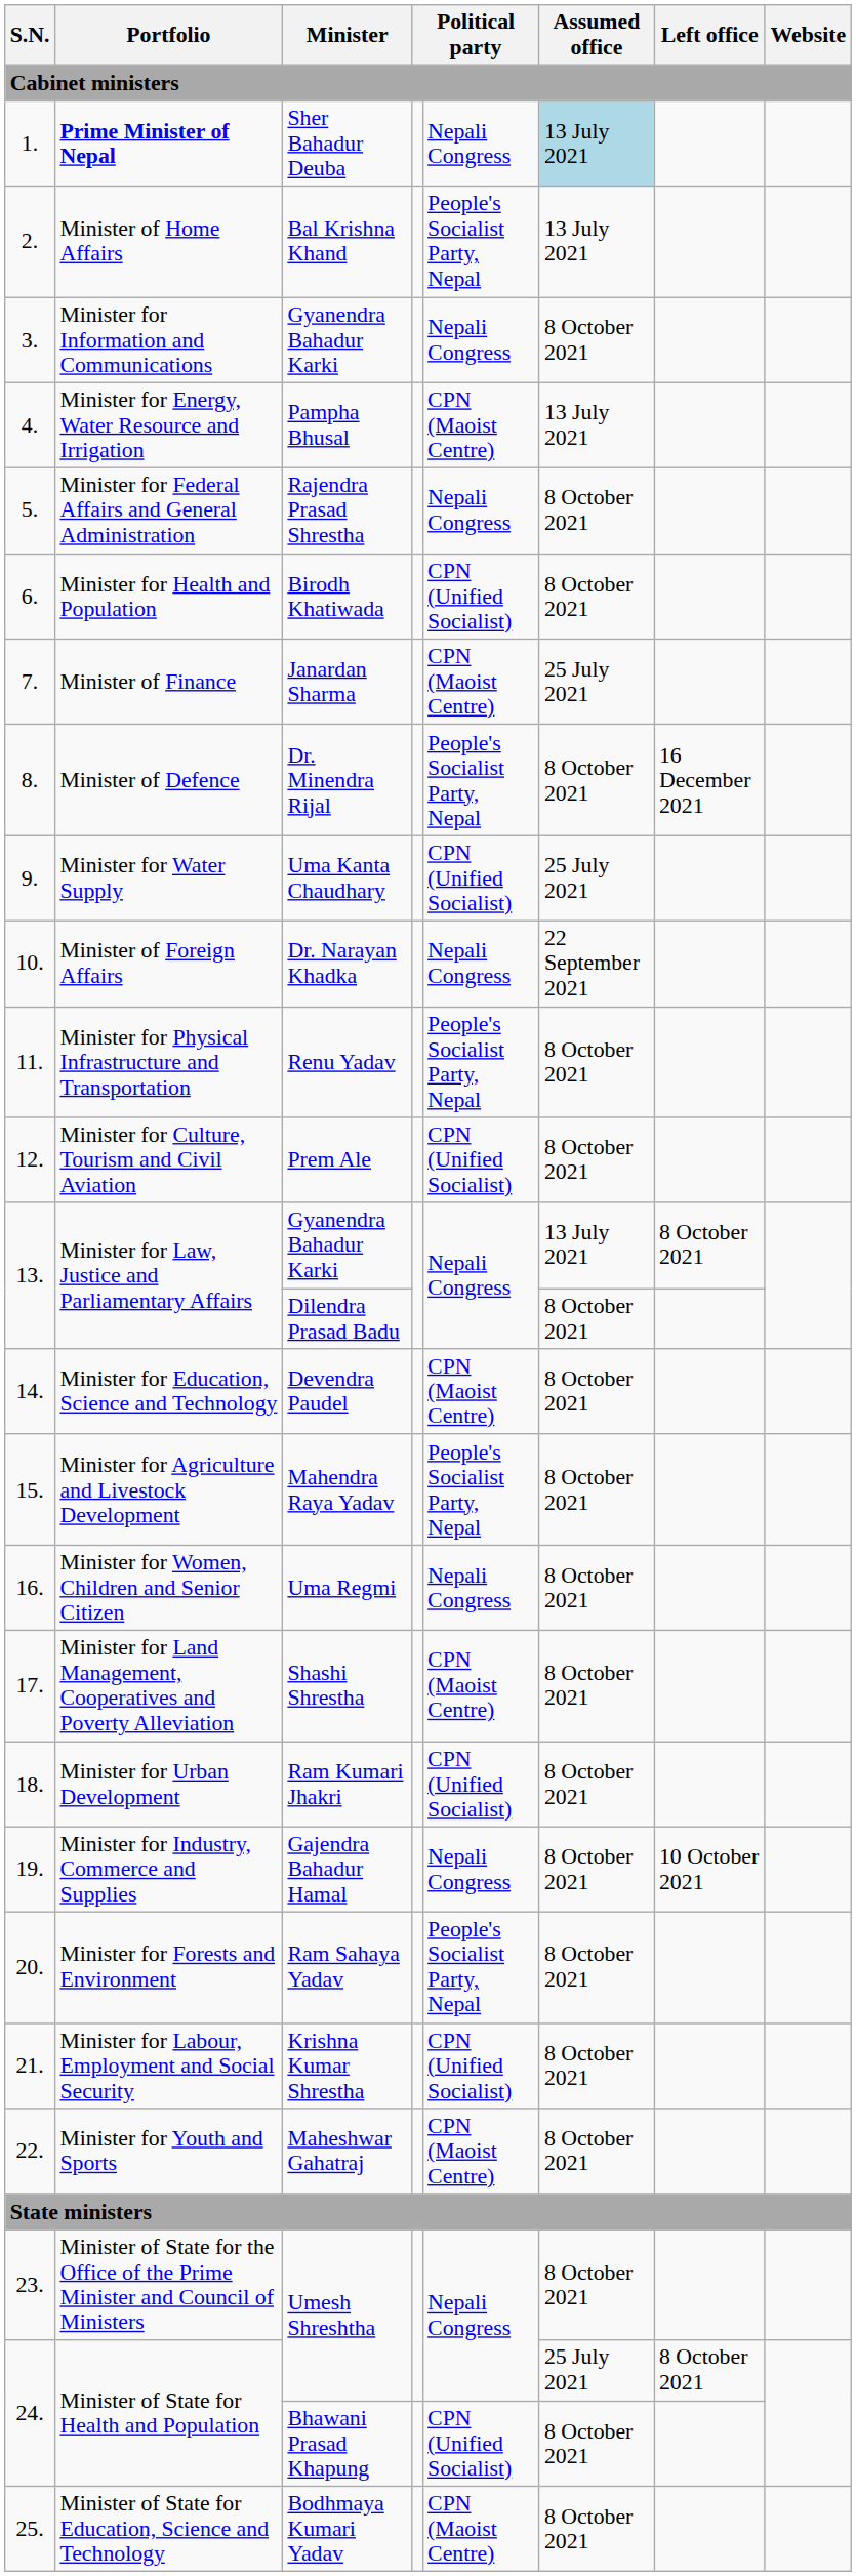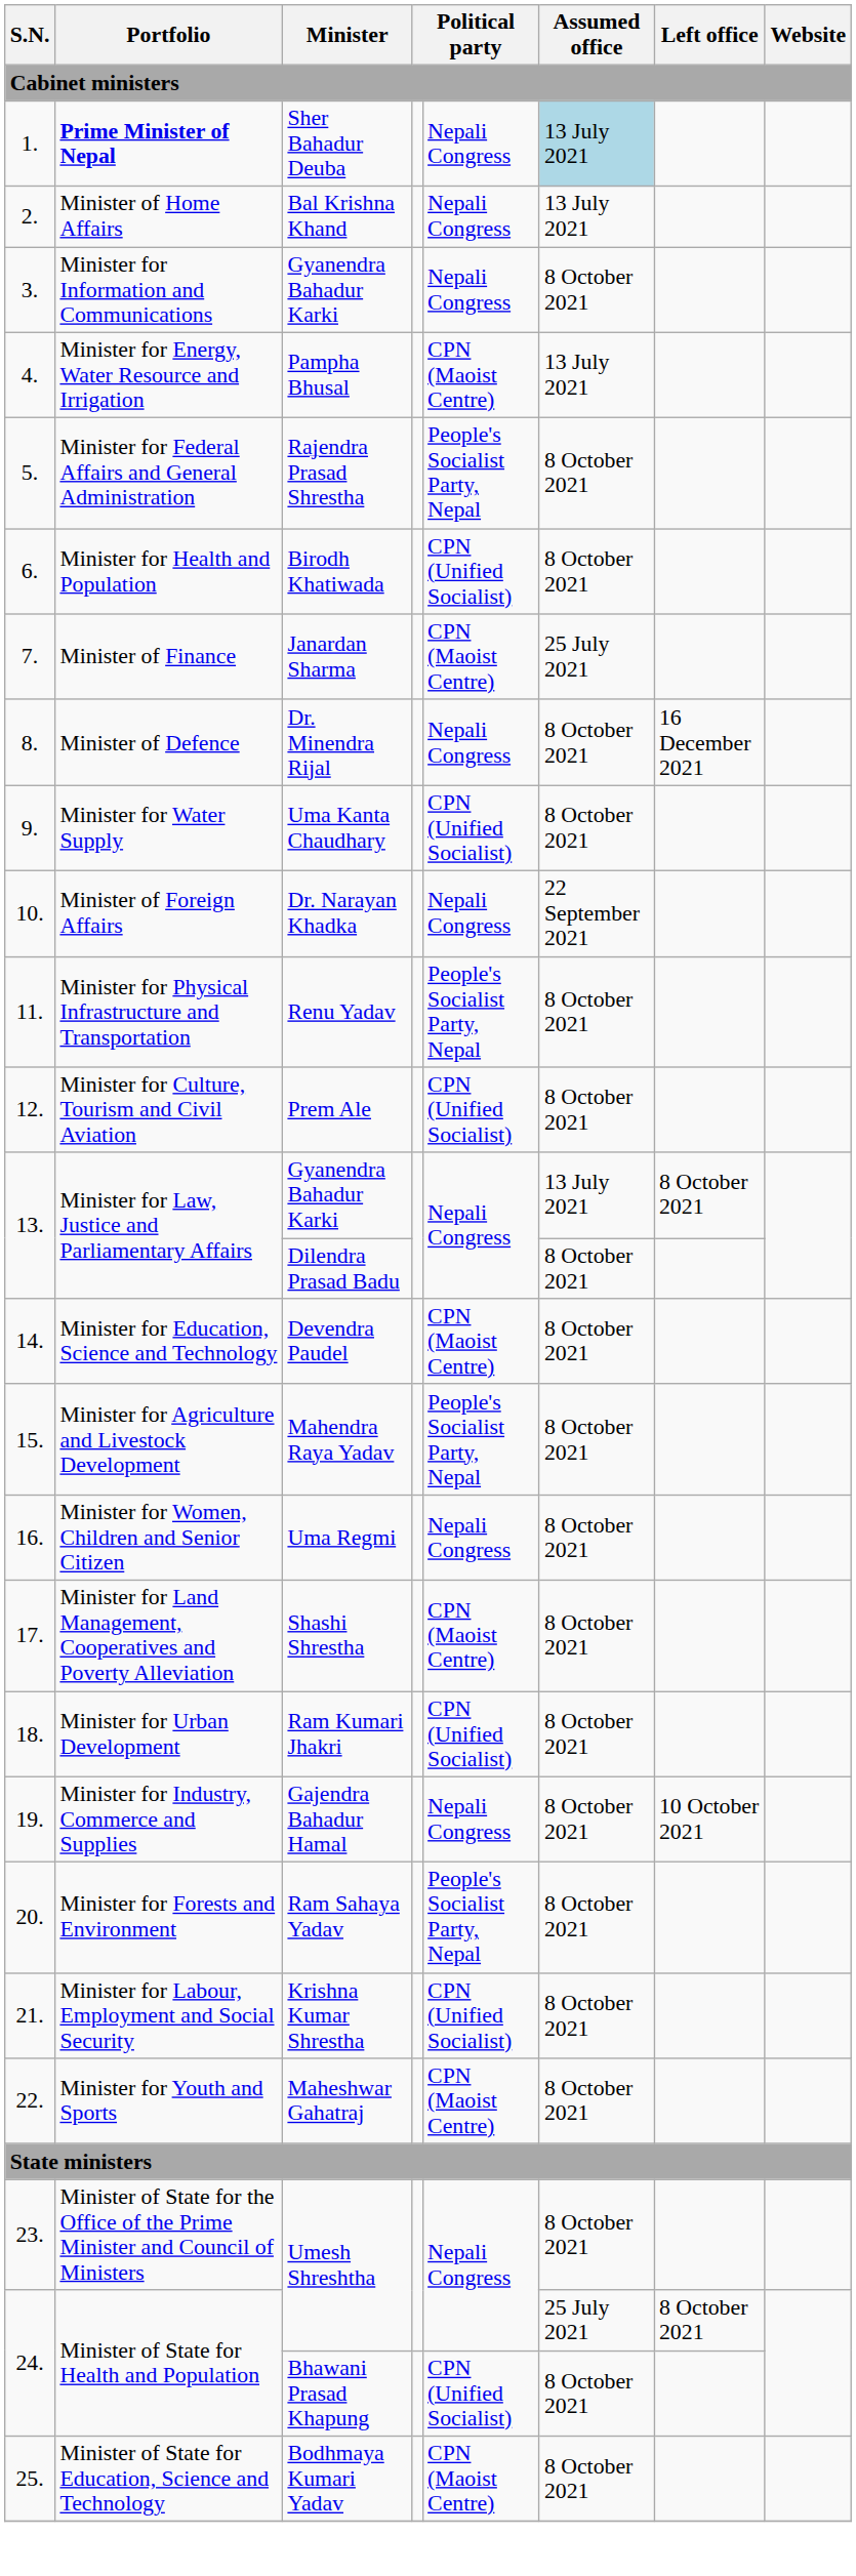 <table class="wikitable sortable">
 <tr>
 <th>S.N.</th>
 <th>Portfolio</th>
 <th>Minister</th>
 <th colspan="2">Political party</th>
 <th>Assumed office</th>
 <th>Left office</th>
 <th>Website</th>
 </tr>
 <tr>
 <td colspan="8" bgcolor="darkgrey"><strong>Cabinet ministers</strong></td>
 </tr>
 <tr>
 <td style="text-align:center;">1.</td>
 <td><strong><a href='#'>Prime Minister of Nepal</a></strong></td>
 <td><a href='#'>Sher Bahadur Deuba</a></td>
 <td></td>
 <td><a href='#'>Nepali Congress</a></td>
 <td style="background: lightblue;">13 July 2021</td>
 <td></td>
 <td></td>
 </tr>
 <tr>
 <td style="text-align:center;">2.</td>
 <td>Minister of <a href='#'>Home Affairs</a></td>
 <td><a href='#'>Bal Krishna Khand</a></td>
 <td></td>
-<td><a href='#'>People's Socialist Party, Nepal</a></td>
+<td><a href='#'>Nepali Congress</a></td>
 <td>13 July 2021</td>
 <td></td>
 <td></td>
 </tr>
 <tr>
 <td style="text-align:center;">3.</td>
 <td>Minister for <a href='#'>Information and Communications</a></td>
 <td><a href='#'>Gyanendra Bahadur Karki</a></td>
 <td></td>
 <td><a href='#'>Nepali Congress</a></td>
 <td>8 October 2021</td>
 <td></td>
 <td></td>
 </tr>
 <tr>
 <td style="text-align:center;">4.</td>
 <td>Minister for <a href='#'>Energy, Water Resource and Irrigation</a></td>
 <td><a href='#'>Pampha Bhusal</a></td>
 <td></td>
 <td><a href='#'>CPN (Maoist Centre)</a></td>
 <td>13 July 2021</td>
 <td></td>
 <td> </td>
 </tr>
 <tr>
 <td style="text-align:center;">5.</td>
 <td>Minister for <a href='#'>Federal Affairs and General Administration</a></td>
 <td><a href='#'>Rajendra Prasad Shrestha</a></td>
 <td></td>
-<td><a href='#'>Nepali Congress</a></td>
+<td><a href='#'>People's Socialist Party, Nepal</a></td>
 <td>8 October 2021</td>
 <td></td>
 <td></td>
 </tr>
 <tr>
 <td style="text-align:center;">6.</td>
 <td>Minister for <a href='#'>Health and Population</a></td>
 <td><a href='#'>Birodh Khatiwada</a></td>
 <td></td>
 <td><a href='#'>CPN (Unified Socialist)</a></td>
 <td>8 October 2021</td>
 <td></td>
 <td> </td>
 </tr>
 <tr>
 <td style="text-align:center;">7.</td>
 <td>Minister of <a href='#'>Finance</a></td>
 <td><a href='#'>Janardan Sharma</a></td>
 <td></td>
 <td><a href='#'>CPN (Maoist Centre)</a></td>
 <td>25 July 2021</td>
 <td></td>
 <td></td>
 </tr>
 <tr>
 <td style="text-align:center;">8.</td>
 <td>Minister of <a href='#'>Defence</a></td>
 <td><a href='#'>Dr. Minendra Rijal</a></td>
 <td></td>
-<td><a href='#'>People's Socialist Party, Nepal</a></td>
+<td><a href='#'>Nepali Congress</a></td>
 <td>8 October 2021</td>
 <td>16 December 2021</td>
 <td></td>
 </tr>
 <tr>
 <td style="text-align:center;">9.</td>
 <td>Minister for <a href='#'>Water Supply</a></td>
 <td><a href='#'>Uma Kanta Chaudhary</a></td>
 <td></td>
 <td><a href='#'>CPN (Unified Socialist)</a></td>
-<td>25 July 2021</td>
+<td>8 October 2021</td>
 <td></td>
 <td></td>
 </tr>
 <tr>
 <td style="text-align:center;">10.</td>
 <td>Minister of <a href='#'>Foreign Affairs</a></td>
 <td><a href='#'>Dr. Narayan Khadka</a></td>
 <td></td>
 <td><a href='#'>Nepali Congress</a></td>
 <td>22 September 2021</td>
 <td></td>
 <td></td>
 </tr>
 <tr>
 <td style="text-align:center;">11.</td>
 <td>Minister for <a href='#'>Physical Infrastructure and Transportation</a></td>
 <td><a href='#'>Renu Yadav</a></td>
 <td></td>
 <td><a href='#'>People's Socialist Party, Nepal</a></td>
 <td>8 October 2021</td>
 <td></td>
 <td></td>
 </tr>
 <tr>
 <td style="text-align:center;">12.</td>
 <td>Minister for <a href='#'>Culture, Tourism and Civil Aviation</a></td>
 <td><a href='#'>Prem Ale</a></td>
 <td></td>
 <td><a href='#'>CPN (Unified Socialist)</a></td>
 <td>8 October 2021</td>
 <td></td>
 <td></td>
 </tr>
 <tr>
 <td rowspan="2" style="text-align:center;">13.</td>
 <td rowspan="2">Minister for <a href='#'>Law, Justice and Parliamentary Affairs</a></td>
 <td><a href='#'>Gyanendra Bahadur Karki</a></td>
 <td rowspan="2"></td>
 <td rowspan="2"><a href='#'>Nepali Congress</a></td>
 <td>13 July 2021</td>
 <td>8 October 2021</td>
 <td rowspan="2"></td>
 </tr>
 <tr>
 <td><a href='#'>Dilendra Prasad Badu</a></td>
 <td>8 October 2021</td>
 <td></td>
 </tr>
 <tr>
 <td style="text-align:center;">14.</td>
 <td>Minister for <a href='#'>Education, Science and Technology</a></td>
 <td><a href='#'>Devendra Paudel</a></td>
 <td></td>
 <td><a href='#'>CPN (Maoist Centre)</a></td>
 <td>8 October 2021</td>
 <td></td>
 <td> </td>
 </tr>
 <tr>
 <td style="text-align:center;">15.</td>
 <td>Minister for <a href='#'>Agriculture and Livestock Development</a></td>
 <td><a href='#'>Mahendra Raya Yadav</a></td>
 <td></td>
 <td><a href='#'>People's Socialist Party, Nepal</a></td>
 <td>8 October 2021</td>
 <td></td>
 <td></td>
 </tr>
 <tr>
 <td style="text-align:center;">16.</td>
 <td>Minister for <a href='#'>Women, Children and Senior Citizen</a></td>
 <td><a href='#'>Uma Regmi</a></td>
 <td></td>
 <td><a href='#'>Nepali Congress</a></td>
 <td>8 October 2021</td>
 <td></td>
 <td></td>
 </tr>
 <tr>
 <td style="text-align:center;">17.</td>
 <td>Minister for <a href='#'>Land Management, Cooperatives and Poverty Alleviation</a></td>
 <td><a href='#'>Shashi Shrestha</a></td>
 <td></td>
 <td><a href='#'>CPN (Maoist Centre)</a></td>
 <td>8 October 2021</td>
 <td></td>
 <td></td>
 </tr>
 <tr>
 <td style="text-align:center;">18.</td>
 <td>Minister for <a href='#'>Urban Development</a></td>
 <td><a href='#'>Ram Kumari Jhakri</a></td>
 <td></td>
 <td><a href='#'>CPN (Unified Socialist)</a></td>
 <td>8 October 2021</td>
 <td></td>
 <td></td>
 </tr>
 <tr>
 <td style="text-align:center;">19.</td>
 <td>Minister for <a href='#'>Industry, Commerce and Supplies</a></td>
 <td><a href='#'>Gajendra Bahadur Hamal</a></td>
 <td></td>
 <td><a href='#'>Nepali Congress</a></td>
 <td>8 October 2021</td>
 <td>10 October 2021</td>
 <td></td>
 </tr>
 <tr>
 <td style="text-align:center;">20.</td>
 <td>Minister for <a href='#'>Forests and Environment</a></td>
 <td><a href='#'>Ram Sahaya Yadav</a></td>
 <td></td>
 <td><a href='#'>People's Socialist Party, Nepal</a></td>
 <td>8 October 2021</td>
 <td></td>
 <td></td>
 </tr>
 <tr>
 <td style="text-align:center;">21.</td>
 <td>Minister for <a href='#'>Labour, Employment and Social Security</a></td>
 <td><a href='#'>Krishna Kumar Shrestha</a></td>
 <td></td>
 <td><a href='#'>CPN (Unified Socialist)</a></td>
 <td>8 October 2021</td>
 <td></td>
 <td> </td>
 </tr>
 <tr>
 <td style="text-align:center;">22.</td>
 <td>Minister for <a href='#'>Youth and Sports</a></td>
 <td><a href='#'>Maheshwar Gahatraj</a></td>
 <td></td>
 <td><a href='#'>CPN (Maoist Centre)</a></td>
 <td>8 October 2021</td>
 <td></td>
 <td></td>
 </tr>
 <tr>
 <td colspan="8" bgcolor="darkgrey"><strong>State ministers</strong></td>
 </tr>
 <tr>
 <td style="text-align:center;">23.</td>
 <td>Minister of State for the <a href='#'>Office of the Prime Minister and Council of Ministers</a></td>
 <td rowspan="2"><a href='#'>Umesh Shreshtha</a></td>
 <td rowspan="2"></td>
 <td rowspan="2"><a href='#'>Nepali Congress</a></td>
 <td>8 October 2021</td>
 <td></td>
 <td></td>
 </tr>
 <tr>
 <td rowspan="2" style="text-align:center;">24.</td>
 <td rowspan="2">Minister of State for <a href='#'>Health and Population</a></td>
 <td>25 July 2021</td>
 <td>8 October 2021</td>
 <td rowspan="2"> </td>
 </tr>
 <tr>
 <td><a href='#'>Bhawani Prasad Khapung</a></td>
 <td></td>
 <td><a href='#'>CPN (Unified Socialist)</a></td>
 <td>8 October 2021</td>
 <td></td>
 </tr>
 <tr>
 <td style="text-align:center;">25.</td>
 <td>Minister of State for <a href='#'>Education, Science and Technology</a></td>
 <td><a href='#'>Bodhmaya Kumari Yadav</a></td>
 <td></td>
 <td><a href='#'>CPN (Maoist Centre)</a></td>
 <td>8 October 2021</td>
 <td></td>
 <td> </td>
 </tr>
 <tr>
 </tr>
 </table>
